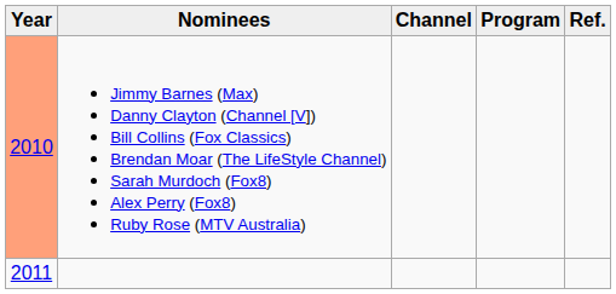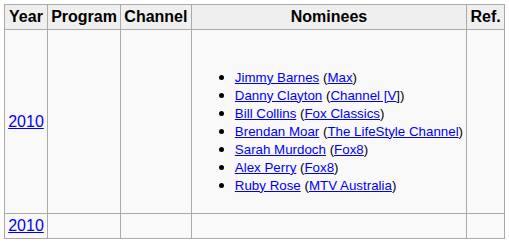 <table class="wikitable sortable">
 <tr>
 <th style="background:#efefef;">Year</th>
+<th style="background:#efefef;">Program</th>
+<th style="background:#efefef;">Channel</th>
 <th style="background:#efefef;" class="unsortable">Nominees</th>
-<th style="background:#efefef;">Channel</th>
-<th style="background:#efefef;">Program</th>
 <th style="background:#efefef;" class="unsortable">Ref.</th>
 </tr>
 <tr>
-<td style="background: lightsalmon; text-align:center;"><a href='#'>2010</a></td>
-<td><br><ul><li><small><a href='#'>Jimmy Barnes</a> (<a href='#'>Max</a>)</small></li><li><small><a href='#'>Danny Clayton</a> (<a href='#'>Channel [V</a>])</small></li><li><small><a href='#'>Bill Collins</a> (<a href='#'>Fox Classics</a>)</small></li><li><small><a href='#'>Brendan Moar</a> (<a href='#'>The LifeStyle Channel</a>)</small></li><li><small><a href='#'>Sarah Murdoch</a> (<a href='#'>Fox8</a>)</small></li><li><small><a href='#'>Alex Perry</a> (<a href='#'>Fox8</a>)</small></li><li><small><a href='#'>Ruby Rose</a> (<a href='#'>MTV Australia</a>)</small></li></ul></td>
+<td style="text-align:center;"><a href='#'>2010</a></td>
 <td></td>
 <td></td>
+<td><br><ul><li><small><a href='#'>Jimmy Barnes</a> (<a href='#'>Max</a>)</small></li><li><small><a href='#'>Danny Clayton</a> (<a href='#'>Channel [V</a>])</small></li><li><small><a href='#'>Bill Collins</a> (<a href='#'>Fox Classics</a>)</small></li><li><small><a href='#'>Brendan Moar</a> (<a href='#'>The LifeStyle Channel</a>)</small></li><li><small><a href='#'>Sarah Murdoch</a> (<a href='#'>Fox8</a>)</small></li><li><small><a href='#'>Alex Perry</a> (<a href='#'>Fox8</a>)</small></li><li><small><a href='#'>Ruby Rose</a> (<a href='#'>MTV Australia</a>)</small></li></ul></td>
 <td style="text-align:center;"></td>
 </tr>
 <tr>
-<td style="text-align:center;"><a href='#'>2011</a></td>
+<td style="text-align:center;"><a href='#'>2010</a></td>
 <td></td>
 <td></td>
 <td></td>
 <td style="text-align:center;"></td>
 </tr>
 </table>
